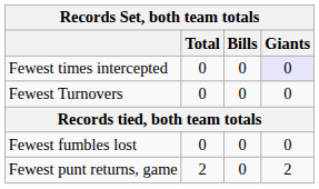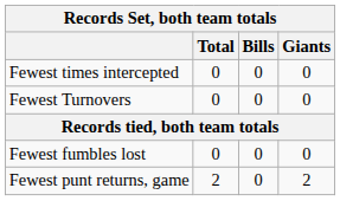 <table class="wikitable">
 <tr>
 <th colspan=4>Records Set, both team totals</th>
 </tr>
 <tr>
 <th></th>
 <th>Total</th>
 <th>Bills</th>
 <th>Giants</th>
 </tr>
 <tr align=center>
 <td align=left>Fewest times intercepted</td>
 <td>0</td>
 <td>0</td>
-<td style="background: lavender;">0</td>
+<td>0</td>
 </tr>
 <tr align=center>
 <td align=left>Fewest Turnovers</td>
 <td>0</td>
 <td>0</td>
 <td>0</td>
 </tr>
 <tr>
 <th colspan=4>Records tied, both team totals</th>
 </tr>
 <tr align=center>
 <td align=left>Fewest fumbles lost</td>
 <td>0</td>
 <td>0</td>
 <td>0</td>
 </tr>
 <tr align=center>
 <td align=left>Fewest punt returns, game</td>
 <td>2</td>
 <td>0</td>
 <td>2</td>
 </tr>
 </table>
